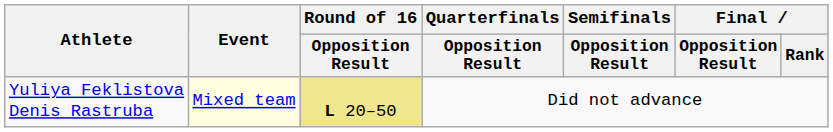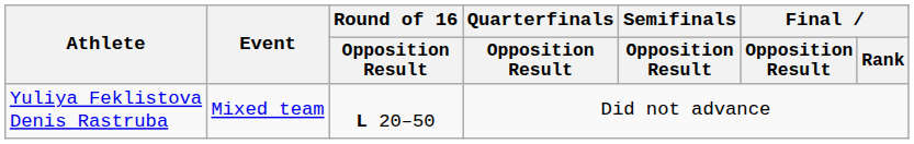 <table class="wikitable" style="font-size:90%">
 <tr>
 <th rowspan="2">Athlete</th>
 <th rowspan="2">Event</th>
 <th>Round of 16</th>
 <th>Quarterfinals</th>
 <th>Semifinals</th>
 <th colspan=2>Final / </th>
 </tr>
 <tr style="font-size:95%">
 <th>Opposition<br>Result</th>
 <th>Opposition<br>Result</th>
 <th>Opposition<br>Result</th>
 <th>Opposition<br>Result</th>
 <th>Rank</th>
 </tr>
 <tr align=center>
 <td align=left><a href='#'>Yuliya Feklistova</a><br><a href='#'>Denis Rastruba</a></td>
-<td align=left style="background: lightyellow;"><a href='#'>Mixed team</a></td>
-<td style="background: khaki;"><br><strong>L</strong> 20–50</td>
+<td align=left><a href='#'>Mixed team</a></td>
+<td><br><strong>L</strong> 20–50</td>
 <td colspan=4>Did not advance</td>
 </tr>
 </table>
